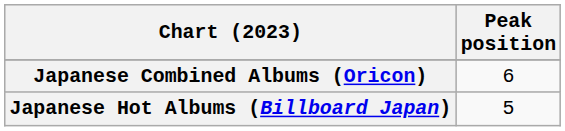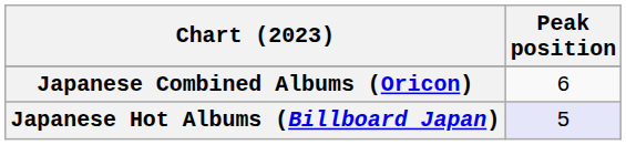 <table class="wikitable sortable plainrowheaders" style="text-align:center">
 <tr>
 <th scope="col">Chart (2023)</th>
 <th scope="col">Peak<br>position</th>
 </tr>
 <tr>
 </tr>
 <tr>
 <th scope="row">Japanese Combined Albums (<a href='#'>Oricon</a>)</th>
 <td>6</td>
 </tr>
 <tr>
 <th scope="row">Japanese Hot Albums (<em><a href='#'>Billboard Japan</a></em>)</th>
-<td>5</td>
+<td style="background: lavender;">5</td>
 </tr>
 </table>
